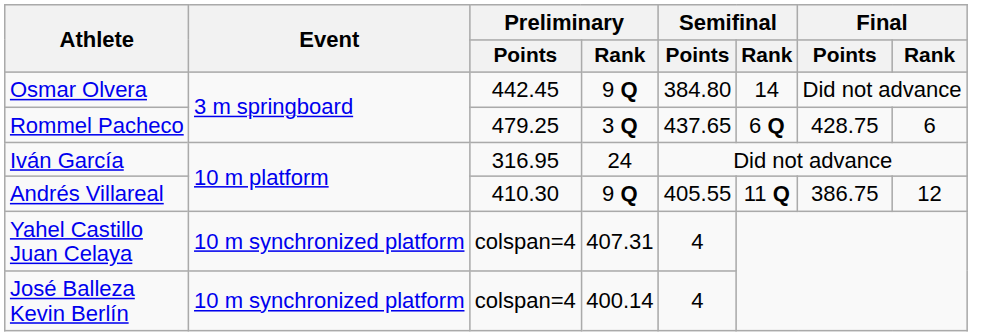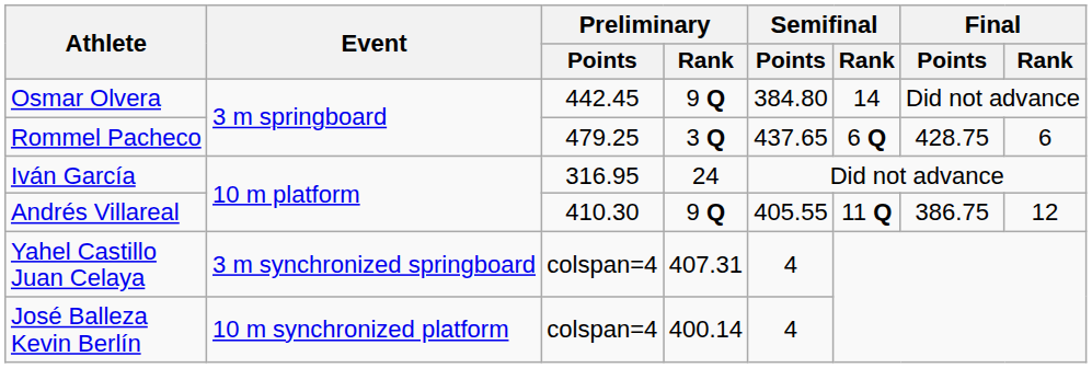 <table class=wikitable style="font-size:90%">
 <tr>
 <th rowspan="2">Athlete</th>
 <th rowspan="2">Event</th>
 <th colspan="2">Preliminary</th>
 <th colspan="2">Semifinal</th>
 <th colspan="2">Final</th>
 </tr>
 <tr style="font-size:95%">
 <th>Points</th>
 <th>Rank</th>
 <th>Points</th>
 <th>Rank</th>
 <th>Points</th>
 <th>Rank</th>
 </tr>
 <tr align=center>
 <td align=left><a href='#'>Osmar Olvera</a></td>
 <td align=left rowspan=2><a href='#'>3 m springboard</a></td>
 <td>442.45</td>
 <td>9 <strong>Q</strong></td>
 <td>384.80</td>
 <td>14</td>
 <td colspan="2">Did not advance</td>
 </tr>
 <tr align=center>
 <td align=left><a href='#'>Rommel Pacheco</a></td>
 <td>479.25</td>
 <td>3 <strong>Q</strong></td>
 <td>437.65</td>
 <td>6 <strong>Q</strong></td>
 <td>428.75</td>
 <td>6</td>
 </tr>
 <tr align=center>
 <td align=left><a href='#'>Iván García</a></td>
 <td align=left rowspan=2><a href='#'>10 m platform</a></td>
 <td>316.95</td>
 <td>24</td>
 <td colspan="4">Did not advance</td>
 </tr>
 <tr align=center>
 <td align=left><a href='#'>Andrés Villareal</a></td>
 <td>410.30</td>
 <td>9 <strong>Q</strong></td>
 <td>405.55</td>
 <td>11 <strong>Q</strong></td>
 <td>386.75</td>
 <td>12</td>
 </tr>
 <tr align="center">
 <td align="left"><a href='#'>Yahel Castillo</a><br><a href='#'>Juan Celaya</a></td>
-<td align=left><a href='#'>10 m synchronized platform</a></td>
+<td align="left"><a href='#'>3 m synchronized springboard</a></td>
 <td>colspan=4 </td>
 <td>407.31</td>
 <td>4</td>
 </tr>
 <tr align=center>
 <td align=left><a href='#'>José Balleza</a><br><a href='#'>Kevin Berlín</a></td>
 <td align=left><a href='#'>10 m synchronized platform</a></td>
 <td>colspan=4 </td>
 <td>400.14</td>
 <td>4</td>
 </tr>
 </table>
